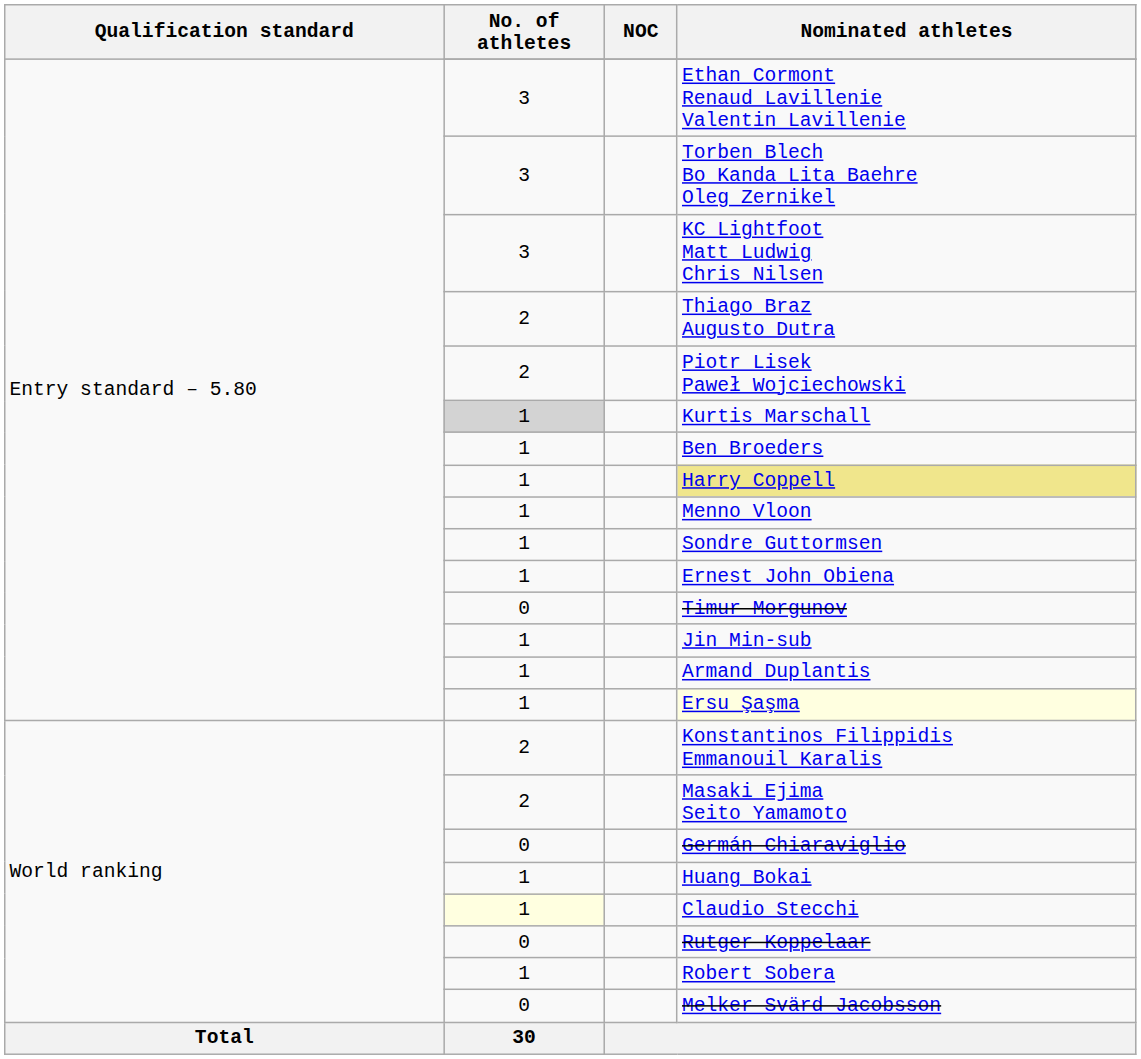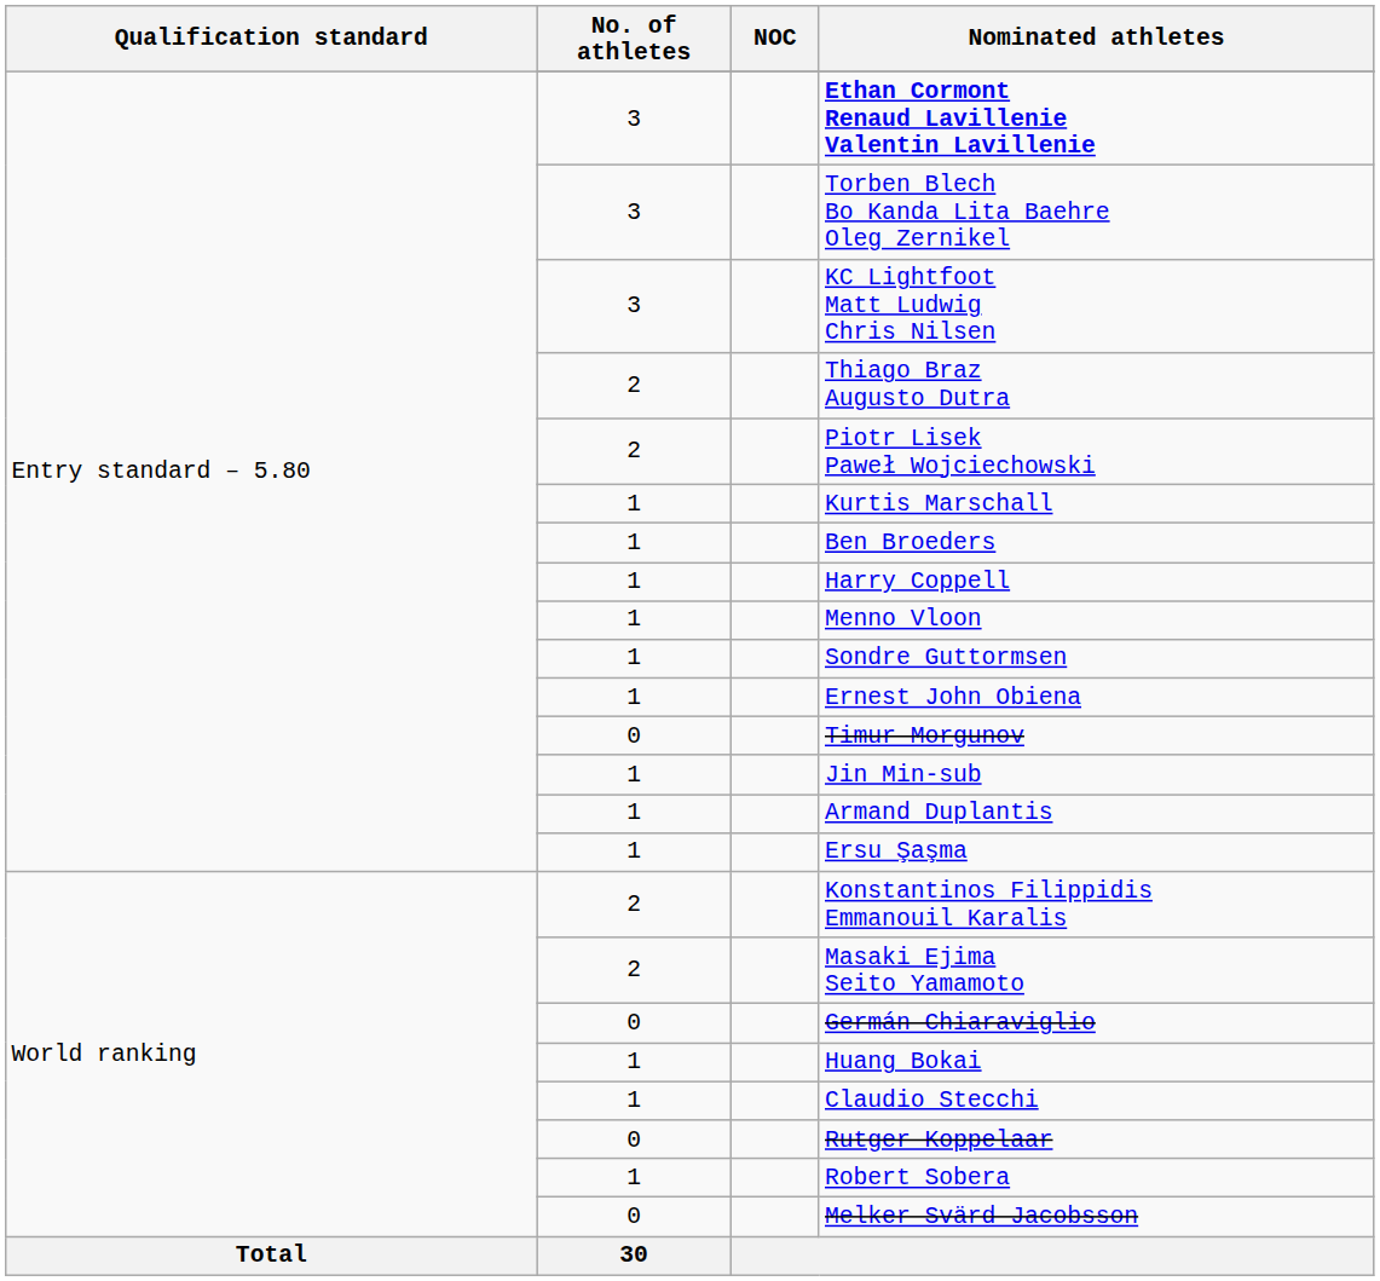 <table class="wikitable" style="text-align:left; width:750px;">
 <tr>
 <th>Qualification standard</th>
 <th width=100>No. of athletes</th>
 <th>NOC</th>
 <th>Nominated athletes</th>
 </tr>
 <tr>
 <td rowspan=16>Entry standard – 5.80</td>
 </tr>
 <tr>
 <td align=center>3</td>
 <td></td>
-<td><a href='#'>Ethan Cormont</a><br> <a href='#'>Renaud Lavillenie</a><br><a href='#'>Valentin Lavillenie</a></td>
+<td><strong><a href='#'>Ethan Cormont</a><br> <a href='#'>Renaud Lavillenie</a><br><a href='#'>Valentin Lavillenie</a></strong></td>
 </tr>
 <tr>
 <td align=center>3</td>
 <td></td>
 <td><a href='#'>Torben Blech</a><br><a href='#'>Bo Kanda Lita Baehre</a><br><a href='#'>Oleg Zernikel</a></td>
 </tr>
 <tr>
 <td align=center>3</td>
 <td></td>
 <td><a href='#'>KC Lightfoot</a><br><a href='#'>Matt Ludwig</a><br><a href='#'>Chris Nilsen</a></td>
 </tr>
 <tr>
 <td align=center>2</td>
 <td></td>
 <td><a href='#'>Thiago Braz</a><br><a href='#'>Augusto Dutra</a></td>
 </tr>
 <tr>
 <td align=center>2</td>
 <td></td>
 <td><a href='#'>Piotr Lisek</a><br><a href='#'>Paweł Wojciechowski</a></td>
 </tr>
 <tr>
-<td align=center style="background: lightgrey;">1</td>
+<td align=center>1</td>
 <td></td>
 <td><a href='#'>Kurtis Marschall</a></td>
 </tr>
 <tr>
 <td align=center>1</td>
 <td></td>
 <td><a href='#'>Ben Broeders</a></td>
 </tr>
 <tr>
 <td align=center>1</td>
 <td></td>
-<td style="background: khaki;"><a href='#'>Harry Coppell</a></td>
+<td><a href='#'>Harry Coppell</a></td>
 </tr>
 <tr>
 <td align=center>1</td>
 <td></td>
 <td><a href='#'>Menno Vloon</a></td>
 </tr>
 <tr>
 <td align=center>1</td>
 <td></td>
 <td><a href='#'>Sondre Guttormsen</a></td>
 </tr>
 <tr>
 <td align=center>1</td>
 <td></td>
 <td><a href='#'>Ernest John Obiena</a></td>
 </tr>
 <tr>
 <td align=center>0</td>
 <td></td>
 <td><s><a href='#'>Timur Morgunov</a></s></td>
 </tr>
 <tr>
 <td align=center>1</td>
 <td></td>
 <td><a href='#'>Jin Min-sub</a></td>
 </tr>
 <tr>
 <td align=center>1</td>
 <td></td>
 <td><a href='#'>Armand Duplantis</a></td>
 </tr>
 <tr>
 <td align=center>1</td>
 <td></td>
-<td style="background: lightyellow;"><a href='#'>Ersu Şaşma</a></td>
+<td><a href='#'>Ersu Şaşma</a></td>
 </tr>
 <tr>
 <td rowspan=8>World ranking</td>
 <td align=center>2</td>
 <td></td>
 <td><a href='#'>Konstantinos Filippidis</a><br><a href='#'>Emmanouil Karalis</a></td>
 </tr>
 <tr>
 <td align=center>2</td>
 <td></td>
 <td><a href='#'>Masaki Ejima</a><br><a href='#'>Seito Yamamoto</a></td>
 </tr>
 <tr>
 <td align=center>0</td>
 <td></td>
 <td><s><a href='#'>Germán Chiaraviglio</a></s></td>
 </tr>
 <tr>
 <td align=center>1</td>
 <td></td>
 <td><a href='#'>Huang Bokai</a></td>
 </tr>
 <tr>
-<td align=center style="background: lightyellow;">1</td>
+<td align=center>1</td>
 <td></td>
 <td><a href='#'>Claudio Stecchi</a></td>
 </tr>
 <tr>
 <td align=center>0</td>
 <td></td>
 <td><s><a href='#'>Rutger Koppelaar</a></s></td>
 </tr>
 <tr>
 <td align=center>1</td>
 <td></td>
 <td><a href='#'>Robert Sobera</a></td>
 </tr>
 <tr>
 <td align=center>0</td>
 <td></td>
 <td><s><a href='#'>Melker Svärd Jacobsson</a></s></td>
 </tr>
 <tr>
 <th>Total</th>
 <th>30</th>
 <th colspan=2></th>
 </tr>
 </table>
